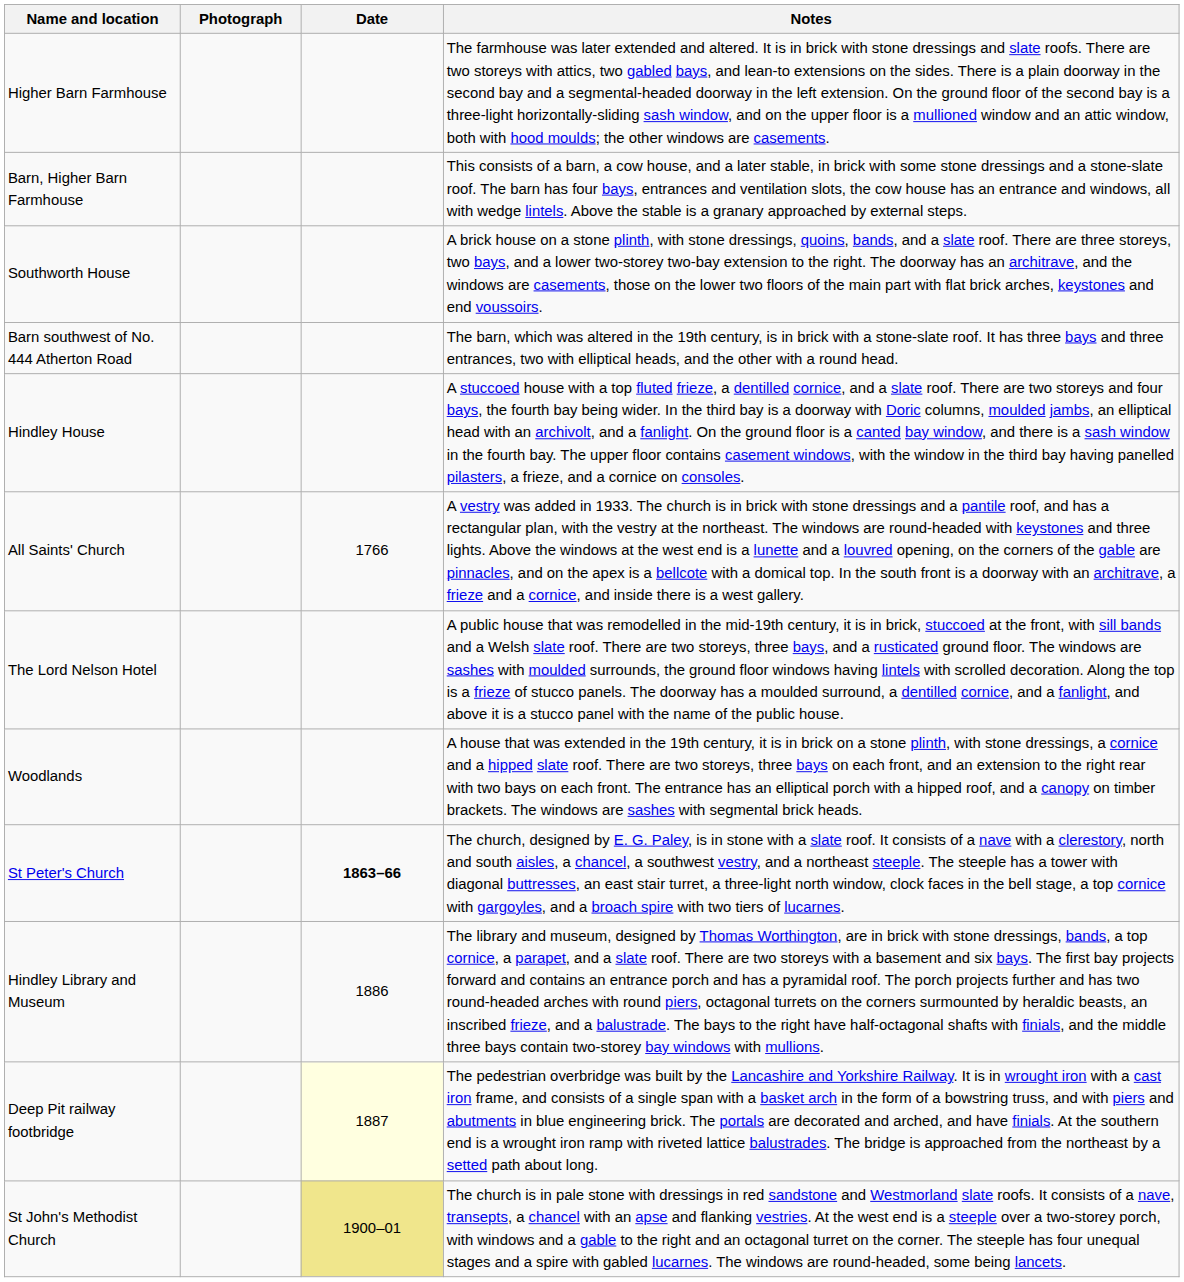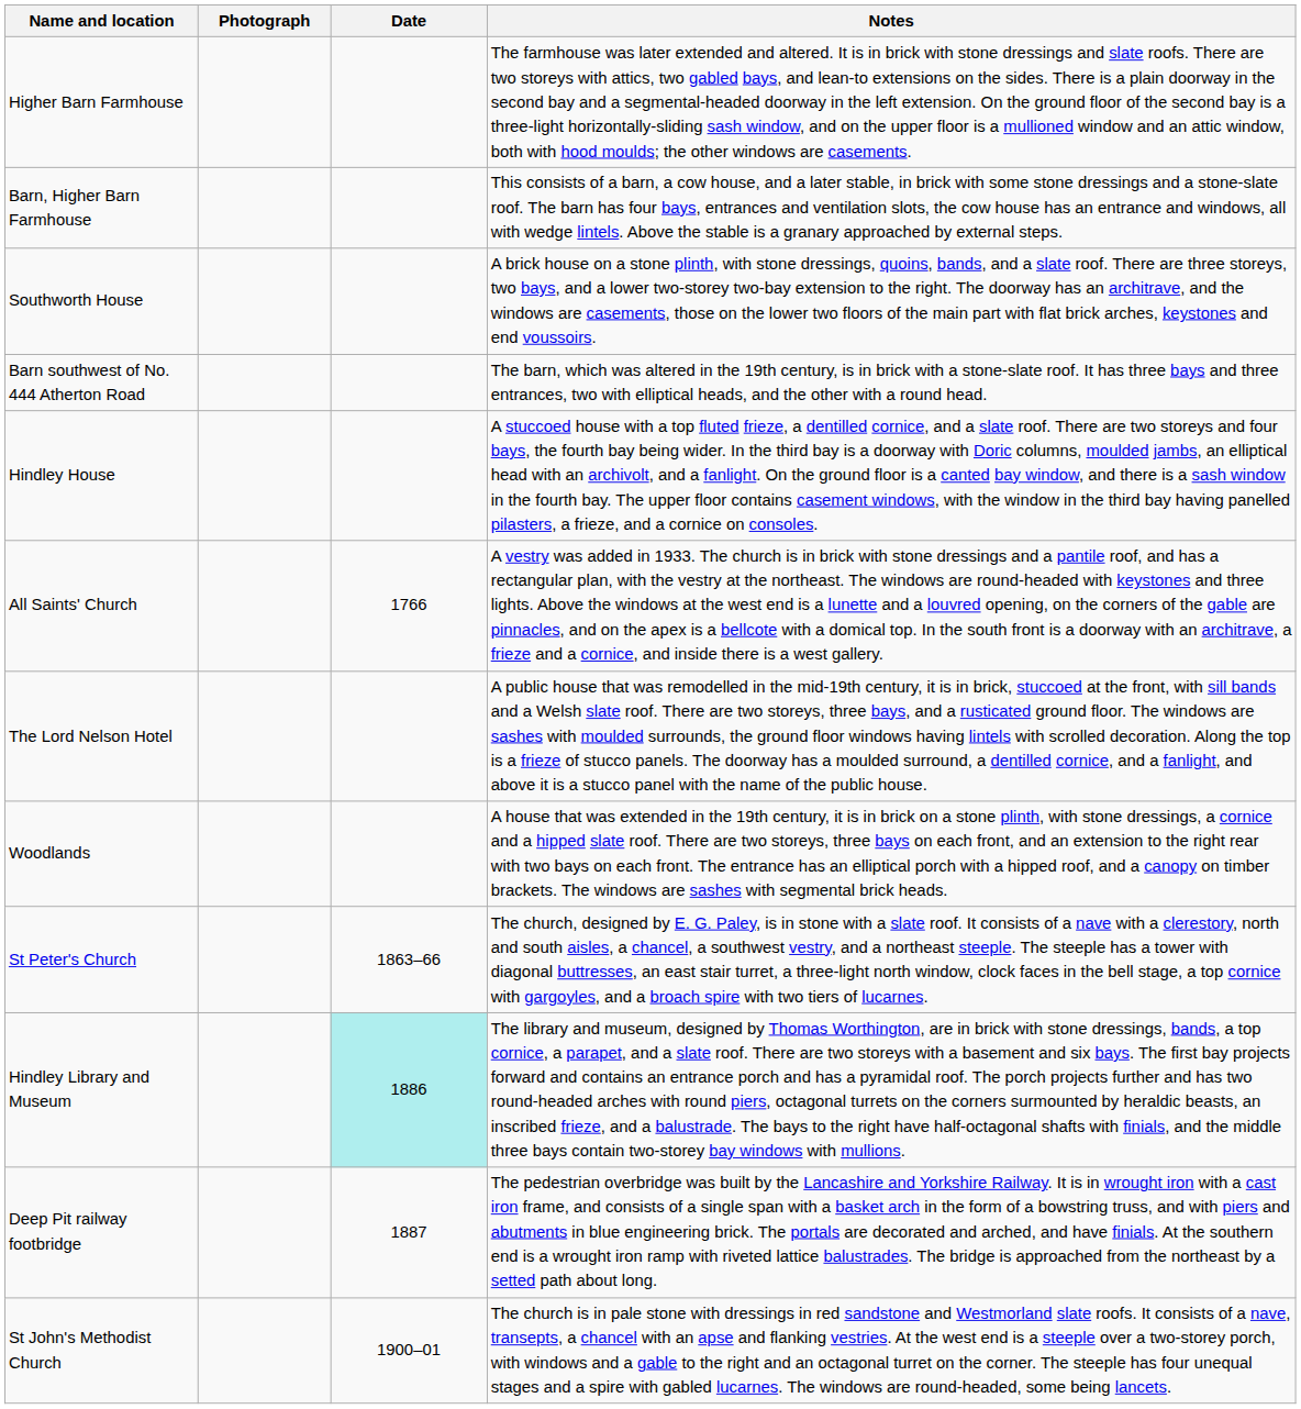 <table class="wikitable sortable plainrowheaders" style="width:100%;border:0px;text-align:left;line-height:150%;">
 <tr>
 <th scope="col"  style="width:150px">Name and location</th>
 <th scope="col"  style="width:100px" class="unsortable">Photograph</th>
 <th scope="col"  style="width:120px">Date</th>
 <th scope="col"  style="width:650px" class="unsortable">Notes</th>
 </tr>
 <tr>
 <td>Higher Barn Farmhouse<br><small></small></td>
 <td></td>
 <td align="center"></td>
 <td>The farmhouse was later extended and altered. It is in brick with stone dressings and <a href='#'>slate</a> roofs. There are two storeys with attics, two <a href='#'>gabled</a> <a href='#'>bays</a>, and lean-to extensions on the sides. There is a plain doorway in the second bay and a segmental-headed doorway in the left extension. On the ground floor of the second bay is a three-light horizontally-sliding <a href='#'>sash window</a>, and on the upper floor is a <a href='#'>mullioned</a> window and an attic window, both with <a href='#'>hood moulds</a>; the other windows are <a href='#'>casements</a>.</td>
 </tr>
 <tr>
 <td>Barn, Higher Barn Farmhouse<br><small></small></td>
 <td></td>
 <td align="center"></td>
 <td>This consists of a barn, a cow house, and a later stable, in brick with some stone dressings and a stone-slate roof. The barn has four <a href='#'>bays</a>, entrances and ventilation slots, the cow house has an entrance and windows, all with wedge <a href='#'>lintels</a>. Above the stable is a granary approached by external steps.</td>
 </tr>
 <tr>
 <td>Southworth House<br><small></small></td>
 <td></td>
 <td align="center"></td>
 <td>A brick house on a stone <a href='#'>plinth</a>, with stone dressings, <a href='#'>quoins</a>, <a href='#'>bands</a>, and a <a href='#'>slate</a> roof. There are three storeys, two <a href='#'>bays</a>, and a lower two-storey two-bay extension to the right. The doorway has an <a href='#'>architrave</a>, and the windows are <a href='#'>casements</a>, those on the lower two floors of the main part with flat brick arches, <a href='#'>keystones</a> and end <a href='#'>voussoirs</a>.</td>
 </tr>
 <tr>
 <td>Barn southwest of No. 444 Atherton Road<br><small></small></td>
 <td></td>
 <td align="center"></td>
 <td>The barn, which was altered in the 19th century, is in brick with a stone-slate roof. It has three <a href='#'>bays</a> and three entrances, two with elliptical heads, and the other with a round head.</td>
 </tr>
 <tr>
 <td>Hindley House<br><small></small></td>
 <td></td>
 <td align="center"></td>
 <td>A <a href='#'>stuccoed</a> house with a top <a href='#'>fluted</a> <a href='#'>frieze</a>, a <a href='#'>dentilled</a> <a href='#'>cornice</a>, and a <a href='#'>slate</a> roof. There are two storeys and four <a href='#'>bays</a>, the fourth bay being wider. In the third bay is a doorway with <a href='#'>Doric</a> columns, <a href='#'>moulded</a> <a href='#'>jambs</a>, an elliptical head with an <a href='#'>archivolt</a>, and a <a href='#'>fanlight</a>. On the ground floor is a <a href='#'>canted</a> <a href='#'>bay window</a>, and there is a <a href='#'>sash window</a> in the fourth bay. The upper floor contains <a href='#'>casement windows</a>, with the window in the third bay having panelled <a href='#'>pilasters</a>, a frieze, and a cornice on <a href='#'>consoles</a>.</td>
 </tr>
 <tr>
 <td>All Saints' Church<br><small></small></td>
 <td></td>
 <td align="center">1766</td>
 <td>A <a href='#'>vestry</a> was added in 1933. The church is in brick with stone dressings and a <a href='#'>pantile</a> roof, and has a rectangular plan, with the vestry at the northeast. The windows are round-headed with <a href='#'>keystones</a> and three lights. Above the windows at the west end is a <a href='#'>lunette</a> and a <a href='#'>louvred</a> opening, on the corners of the <a href='#'>gable</a> are <a href='#'>pinnacles</a>, and on the apex is a <a href='#'>bellcote</a> with a domical top. In the south front is a doorway with an <a href='#'>architrave</a>, a <a href='#'>frieze</a> and a <a href='#'>cornice</a>, and inside there is a west gallery.</td>
 </tr>
 <tr>
 <td>The Lord Nelson Hotel<br><small></small></td>
 <td></td>
 <td align="center"></td>
 <td>A public house that was remodelled in the mid-19th century, it is in brick, <a href='#'>stuccoed</a> at the front, with <a href='#'>sill bands</a> and a Welsh <a href='#'>slate</a> roof. There are two storeys, three <a href='#'>bays</a>, and a <a href='#'>rusticated</a> ground floor. The windows are <a href='#'>sashes</a> with <a href='#'>moulded</a> surrounds, the ground floor windows having <a href='#'>lintels</a> with scrolled decoration. Along the top is a <a href='#'>frieze</a> of stucco panels. The doorway has a moulded surround, a <a href='#'>dentilled</a> <a href='#'>cornice</a>, and a <a href='#'>fanlight</a>, and above it is a stucco panel with the name of the public house.</td>
 </tr>
 <tr>
 <td>Woodlands<br><small></small></td>
 <td></td>
 <td align="center"></td>
 <td>A house that was extended in the 19th century, it is in brick on a stone <a href='#'>plinth</a>, with stone dressings, a <a href='#'>cornice</a> and a <a href='#'>hipped</a> <a href='#'>slate</a> roof. There are two storeys, three <a href='#'>bays</a> on each front, and an extension to the right rear with two bays on each front. The entrance has an elliptical porch with a hipped roof, and a <a href='#'>canopy</a> on timber brackets. The windows are <a href='#'>sashes</a> with segmental brick heads.</td>
 </tr>
 <tr>
 <td><a href='#'>St Peter's Church</a><br><small></small></td>
 <td></td>
-<td align="center"><strong>1863–66</strong></td>
+<td align="center">1863–66</td>
 <td>The church, designed by <a href='#'>E. G. Paley</a>, is in stone with a <a href='#'>slate</a> roof. It consists of a <a href='#'>nave</a> with a <a href='#'>clerestory</a>, north and south <a href='#'>aisles</a>, a <a href='#'>chancel</a>, a southwest <a href='#'>vestry</a>, and a northeast <a href='#'>steeple</a>. The steeple has a tower with diagonal <a href='#'>buttresses</a>, an east stair turret, a three-light north window, clock faces in the bell stage, a top <a href='#'>cornice</a> with <a href='#'>gargoyles</a>, and a <a href='#'>broach spire</a> with two tiers of <a href='#'>lucarnes</a>.</td>
 </tr>
 <tr>
 <td>Hindley Library and Museum<br><small></small></td>
 <td></td>
-<td align="center">1886</td>
+<td align="center" style="background: paleturquoise;">1886</td>
 <td>The library and museum, designed by <a href='#'>Thomas Worthington</a>, are in brick with stone dressings, <a href='#'>bands</a>, a top <a href='#'>cornice</a>, a <a href='#'>parapet</a>, and a <a href='#'>slate</a> roof. There are two storeys with a basement and six <a href='#'>bays</a>. The first bay projects forward and contains an entrance porch and has a pyramidal roof. The porch projects further and has two round-headed arches with round <a href='#'>piers</a>, octagonal turrets on the corners surmounted by heraldic beasts, an inscribed <a href='#'>frieze</a>, and a <a href='#'>balustrade</a>. The bays to the right have half-octagonal shafts with <a href='#'>finials</a>, and the middle three bays contain two-storey <a href='#'>bay windows</a> with <a href='#'>mullions</a>.</td>
 </tr>
 <tr>
 <td>Deep Pit railway footbridge<br><small></small></td>
 <td></td>
-<td align="center" style="background: lightyellow;">1887</td>
+<td align="center">1887</td>
 <td>The pedestrian overbridge was built by the <a href='#'>Lancashire and Yorkshire Railway</a>. It is in <a href='#'>wrought iron</a> with a <a href='#'>cast iron</a> frame, and consists of a single span with a <a href='#'>basket arch</a> in the form of a bowstring truss, and with <a href='#'>piers</a> and <a href='#'>abutments</a> in blue engineering brick. The <a href='#'>portals</a> are decorated and arched, and have <a href='#'>finials</a>. At the southern end is a wrought iron ramp with riveted lattice <a href='#'>balustrades</a>. The bridge is approached from the northeast by a <a href='#'>setted</a> path about  long.</td>
 </tr>
 <tr>
 <td>St John's Methodist Church<br><small></small></td>
 <td></td>
-<td align="center" style="background: khaki;">1900–01</td>
+<td align="center">1900–01</td>
 <td>The church is in pale stone with dressings in red <a href='#'>sandstone</a> and <a href='#'>Westmorland</a> <a href='#'>slate</a> roofs. It consists of a <a href='#'>nave</a>, <a href='#'>transepts</a>, a <a href='#'>chancel</a> with an <a href='#'>apse</a> and flanking <a href='#'>vestries</a>. At the west end is a <a href='#'>steeple</a> over a two-storey porch, with windows and a <a href='#'>gable</a> to the right and an octagonal turret on the corner. The steeple has four unequal stages and a spire with gabled <a href='#'>lucarnes</a>. The windows are round-headed, some being <a href='#'>lancets</a>.</td>
 </tr>
 <tr>
 </tr>
 </table>
